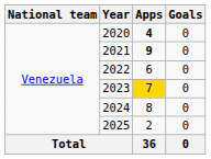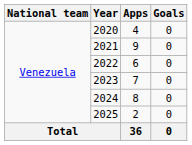 <table class="wikitable" style="text-align:center">
 <tr>
 <th>National team</th>
 <th>Year</th>
 <th>Apps</th>
 <th>Goals</th>
 </tr>
 <tr>
 <td rowspan="6"><a href='#'>Venezuela</a></td>
 <td>2020</td>
-<td><strong>4</strong></td>
+<td>4</td>
 <td>0</td>
 </tr>
 <tr>
 <td>2021</td>
-<td><strong>9</strong></td>
+<td>9</td>
 <td>0</td>
 </tr>
 <tr>
 <td>2022</td>
 <td>6</td>
 <td>0</td>
 </tr>
 <tr>
 <td>2023</td>
-<td style="background: gold;">7</td>
+<td>7</td>
 <td>0</td>
 </tr>
 <tr>
 <td>2024</td>
 <td>8</td>
 <td>0</td>
 </tr>
 <tr>
 <td>2025</td>
 <td>2</td>
 <td>0</td>
 </tr>
 <tr>
 <th colspan="2">Total</th>
 <th>36</th>
 <th>0</th>
 </tr>
 </table>
